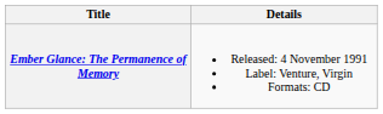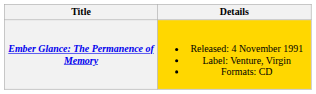 <table class="wikitable plainrowheaders" style="text-align:center;">
 <tr>
 <th scope="col" style="width:15em;">Title</th>
 <th scope="col" style="width:15em;">Details</th>
 </tr>
 <tr>
 <th scope="row"><em><a href='#'>Ember Glance: The Permanence of Memory</a></em></th>
-<td><br><ul><li>Released: 4 November 1991</li><li>Label: Venture, Virgin</li><li>Formats: CD</li></ul></td>
+<td style="background: gold;"><br><ul><li>Released: 4 November 1991</li><li>Label: Venture, Virgin</li><li>Formats: CD</li></ul></td>
 </tr>
 </table>
